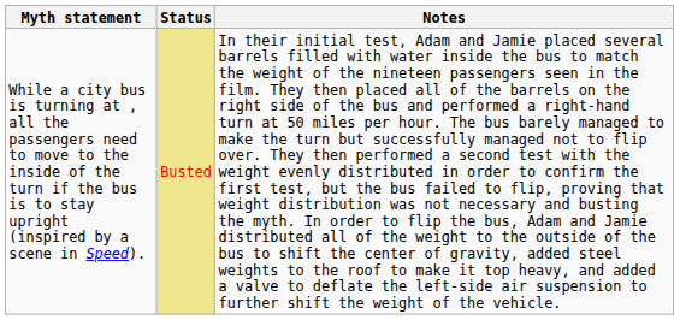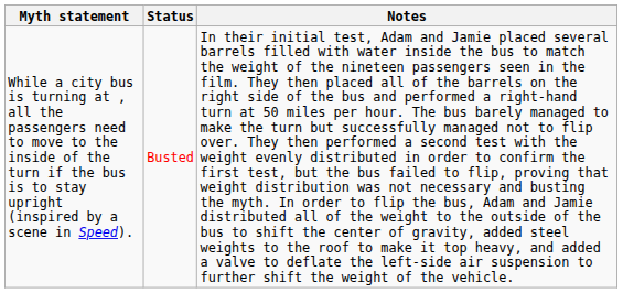 <table class="wikitable plainrowheaders">
 <tr>
 <th>Myth statement</th>
 <th>Status</th>
 <th>Notes</th>
 </tr>
 <tr>
 <td>While a city bus is turning at , all the passengers need to move to the inside of the turn if the bus is to stay upright (inspired by a scene in <em><a href='#'>Speed</a></em>).</td>
-<td style="background: khaki; color:red">Busted</td>
+<td style="color:red">Busted</td>
 <td>In their initial test, Adam and Jamie placed several barrels filled with water inside the bus to match the weight of the nineteen passengers seen in the film. They then placed all of the barrels on the right side of the bus and performed a right-hand turn at 50 miles per hour. The bus barely managed to make the turn but successfully managed not to flip over. They then performed a second test with the weight evenly distributed in order to confirm the first test, but the bus failed to flip, proving that weight distribution was not necessary and busting the myth. In order to flip the bus, Adam and Jamie distributed all of the weight to the outside of the bus to shift the center of gravity, added steel weights to the roof to make it top heavy, and added a valve to deflate the left-side air suspension to further shift the weight of the vehicle.</td>
 </tr>
 </table>
